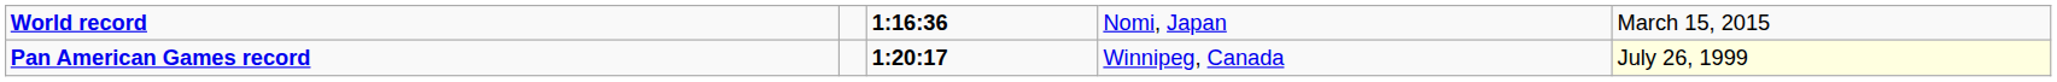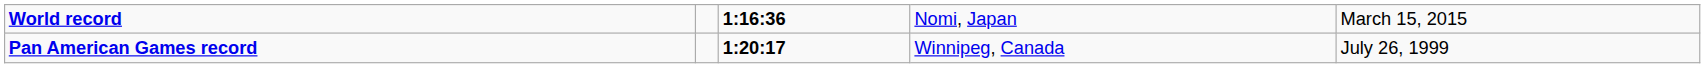 <table class="wikitable" width=75%>
 <tr>
 <td><strong><a href='#'>World record</a></strong></td>
 <td></td>
 <td><strong>1:16:36</strong></td>
 <td><a href='#'>Nomi</a>, <a href='#'>Japan</a></td>
 <td>March 15, 2015</td>
 </tr>
 <tr>
 <td><strong><a href='#'>Pan American Games record</a></strong></td>
 <td></td>
 <td><strong>1:20:17</strong></td>
 <td><a href='#'>Winnipeg</a>, <a href='#'>Canada</a></td>
-<td style="background: lightyellow;">July 26, 1999</td>
+<td>July 26, 1999</td>
 </tr>
 </table>
